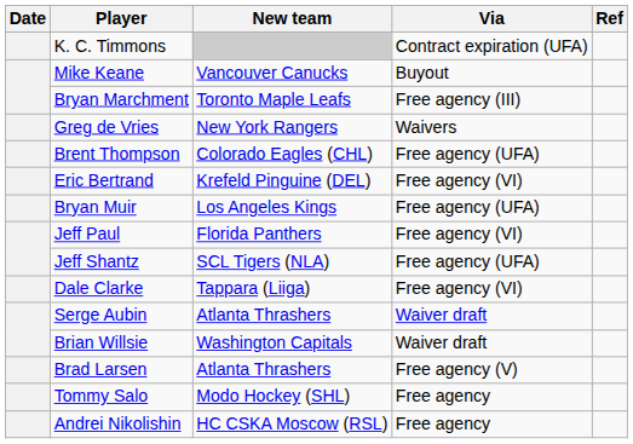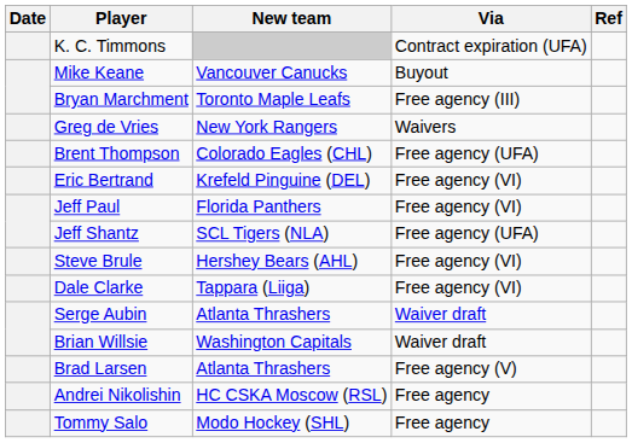 <table class="wikitable plainrowheaders">
 <tr style="background:#ddd; text-align:center;">
 <th>Date</th>
 <th>Player</th>
 <th>New team</th>
 <th>Via</th>
 <th>Ref</th>
 </tr>
 <tr>
 <th scope="row"></th>
 <td>K. C. Timmons</td>
 <td style="background:#ccc"></td>
 <td>Contract expiration (UFA)</td>
 <td></td>
 </tr>
 <tr>
 <th scope="row" rowspan=2></th>
 <td><a href='#'>Mike Keane</a></td>
 <td><a href='#'>Vancouver Canucks</a></td>
 <td>Buyout</td>
 <td></td>
 </tr>
 <tr>
 <td><a href='#'>Bryan Marchment</a></td>
 <td><a href='#'>Toronto Maple Leafs</a></td>
 <td>Free agency (III)</td>
 <td></td>
 </tr>
 <tr>
 <th scope="row"></th>
 <td><a href='#'>Greg de Vries</a></td>
 <td><a href='#'>New York Rangers</a></td>
 <td>Waivers</td>
 <td></td>
 </tr>
 <tr>
 <th scope="row"></th>
 <td><a href='#'>Brent Thompson</a></td>
 <td><a href='#'>Colorado Eagles</a> (<a href='#'>CHL</a>)</td>
 <td>Free agency (UFA)</td>
 <td></td>
 </tr>
 <tr>
 <th scope="row"></th>
 <td><a href='#'>Eric Bertrand</a></td>
 <td><a href='#'>Krefeld Pinguine</a> (<a href='#'>DEL</a>)</td>
 <td>Free agency (VI)</td>
 <td></td>
 </tr>
 <tr>
-<th scope="row"></th>
-<td><a href='#'>Bryan Muir</a></td>
-<td><a href='#'>Los Angeles Kings</a></td>
-<td>Free agency (UFA)</td>
-<td></td>
-</tr>
-<tr>
 <th scope="row" rowspan=2></th>
 <td><a href='#'>Jeff Paul</a></td>
 <td><a href='#'>Florida Panthers</a></td>
 <td>Free agency (VI)</td>
 <td></td>
 </tr>
 <tr>
 <td><a href='#'>Jeff Shantz</a></td>
 <td><a href='#'>SCL Tigers</a> (<a href='#'>NLA</a>)</td>
 <td>Free agency (UFA)</td>
+<td></td>
+</tr>
+<tr>
+<th scope="row"></th>
+<td><a href='#'>Steve Brule</a></td>
+<td><a href='#'>Hershey Bears</a> (<a href='#'>AHL</a>)</td>
+<td>Free agency (VI)</td>
 <td></td>
 </tr>
 <tr>
 <th scope="row"></th>
 <td><a href='#'>Dale Clarke</a></td>
 <td><a href='#'>Tappara</a> (<a href='#'>Liiga</a>)</td>
 <td>Free agency (VI)</td>
 <td></td>
 </tr>
 <tr>
 <th scope="row" rowspan=2></th>
 <td><a href='#'>Serge Aubin</a></td>
 <td><a href='#'>Atlanta Thrashers</a></td>
 <td><a href='#'>Waiver draft</a></td>
 <td></td>
 </tr>
 <tr>
 <td><a href='#'>Brian Willsie</a></td>
 <td><a href='#'>Washington Capitals</a></td>
 <td>Waiver draft</td>
 <td></td>
 </tr>
 <tr>
 <th scope="row"></th>
 <td><a href='#'>Brad Larsen</a></td>
 <td><a href='#'>Atlanta Thrashers</a></td>
 <td>Free agency (V)</td>
 <td></td>
 </tr>
 <tr>
 <th scope="row"></th>
+<td><a href='#'>Andrei Nikolishin</a></td>
+<td><a href='#'>HC CSKA Moscow</a> (<a href='#'>RSL</a>)</td>
+<td>Free agency</td>
+<td></td>
+</tr>
+<tr>
+<th scope="row"></th>
 <td><a href='#'>Tommy Salo</a></td>
 <td><a href='#'>Modo Hockey</a> (<a href='#'>SHL</a>)</td>
 <td>Free agency</td>
 <td></td>
 </tr>
-<tr>
-<th scope="row"></th>
-<td><a href='#'>Andrei Nikolishin</a></td>
-<td><a href='#'>HC CSKA Moscow</a> (<a href='#'>RSL</a>)</td>
-<td>Free agency</td>
-<td></td>
-</tr>
 </table>
